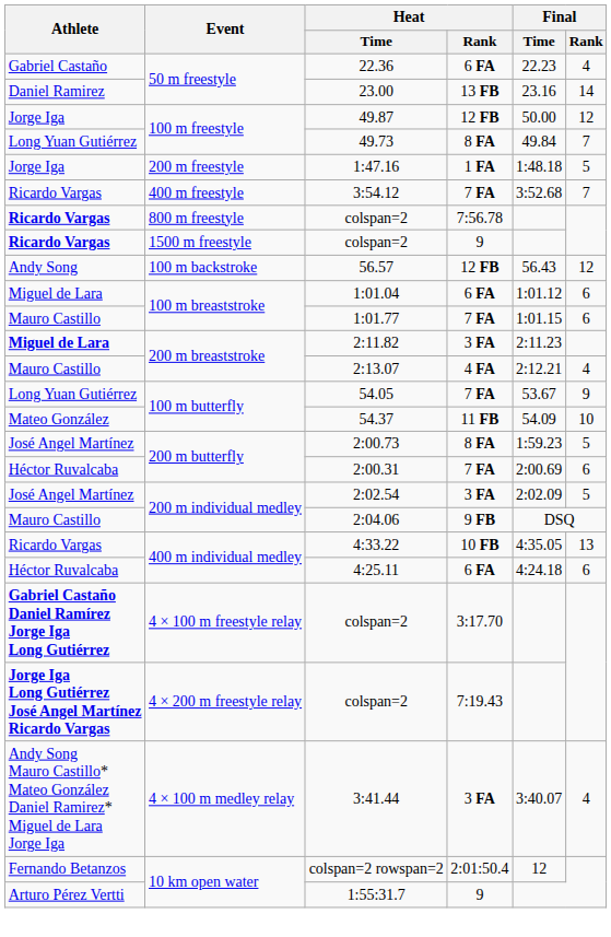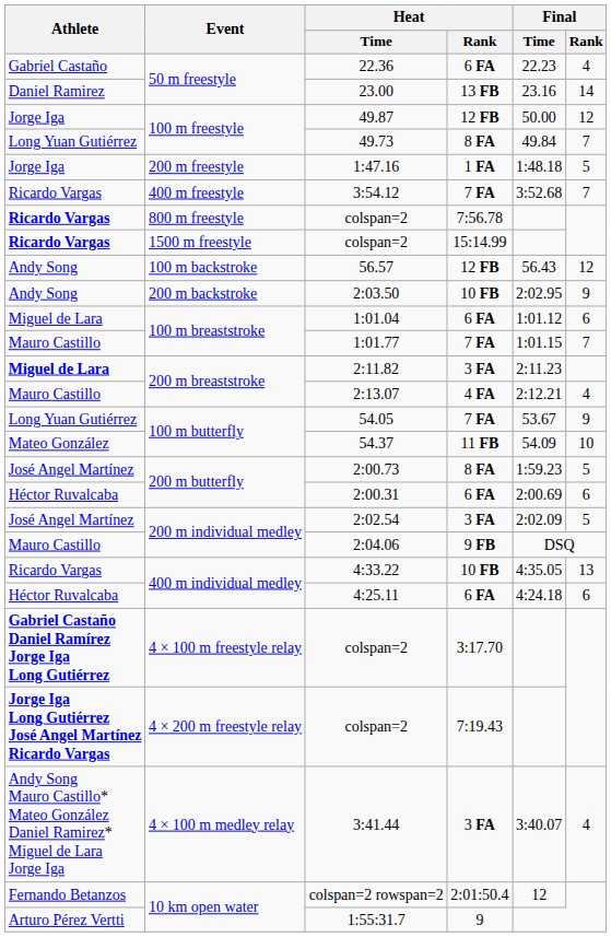 <table class=wikitable style=font-size:90%;text-align:center>
 <tr>
 <th rowspan=2>Athlete</th>
 <th rowspan=2>Event</th>
 <th colspan=2>Heat</th>
 <th colspan=2>Final</th>
 </tr>
 <tr style=font-size:95%>
 <th>Time</th>
 <th>Rank</th>
 <th>Time</th>
 <th>Rank</th>
 </tr>
 <tr>
 <td align=left><a href='#'>Gabriel Castaño</a></td>
 <td align=left rowspan=2><a href='#'>50 m freestyle</a></td>
 <td>22.36</td>
 <td>6 <strong>FA</strong></td>
 <td>22.23</td>
 <td>4</td>
 </tr>
 <tr>
 <td align=left><a href='#'>Daniel Ramirez</a></td>
 <td>23.00</td>
 <td>13 <strong>FB</strong></td>
 <td>23.16</td>
 <td>14</td>
 </tr>
 <tr>
 <td align=left><a href='#'>Jorge Iga</a></td>
 <td align=left rowspan=2><a href='#'>100 m freestyle</a></td>
 <td>49.87</td>
 <td>12 <strong>FB</strong></td>
 <td>50.00</td>
 <td>12</td>
 </tr>
 <tr>
 <td align=left><a href='#'>Long Yuan Gutiérrez</a></td>
 <td>49.73</td>
 <td>8 <strong>FA</strong></td>
 <td>49.84</td>
 <td>7</td>
 </tr>
 <tr>
 <td align=left><a href='#'>Jorge Iga</a></td>
 <td align=left><a href='#'>200 m freestyle</a></td>
 <td>1:47.16</td>
 <td>1 <strong>FA</strong></td>
 <td>1:48.18</td>
 <td>5</td>
 </tr>
 <tr>
 <td align=left><a href='#'>Ricardo Vargas</a></td>
 <td align=left><a href='#'>400 m freestyle</a></td>
 <td>3:54.12</td>
 <td>7 <strong>FA</strong></td>
 <td>3:52.68</td>
 <td>7</td>
 </tr>
 <tr>
 <td align=left><strong><a href='#'>Ricardo Vargas</a></strong></td>
 <td align=left><a href='#'>800 m freestyle</a></td>
 <td>colspan=2 </td>
 <td>7:56.78</td>
 <td></td>
 </tr>
 <tr>
 <td align=left><strong><a href='#'>Ricardo Vargas</a></strong></td>
 <td align=left><a href='#'>1500 m freestyle</a></td>
 <td>colspan=2 </td>
-<td>9</td>
+<td>15:14.99</td>
 <td></td>
 </tr>
 <tr>
 <td align=left><a href='#'>Andy Song</a></td>
 <td align=left><a href='#'>100 m backstroke</a></td>
 <td>56.57</td>
 <td>12 <strong>FB</strong></td>
 <td>56.43</td>
 <td>12</td>
+</tr>
+<tr>
+<td align=left><a href='#'>Andy Song</a></td>
+<td align=left><a href='#'>200 m backstroke</a></td>
+<td>2:03.50</td>
+<td>10 <strong>FB</strong></td>
+<td>2:02.95</td>
+<td>9</td>
 </tr>
 <tr>
 <td align=left><a href='#'>Miguel de Lara</a></td>
 <td align=left rowspan=2><a href='#'>100 m breaststroke</a></td>
 <td>1:01.04</td>
 <td>6 <strong>FA</strong></td>
 <td>1:01.12</td>
 <td>6</td>
 </tr>
 <tr>
 <td align=left><a href='#'>Mauro Castillo</a></td>
 <td>1:01.77</td>
 <td>7 <strong>FA</strong></td>
 <td>1:01.15</td>
-<td>6</td>
+<td>7</td>
 </tr>
 <tr>
 <td align=left><strong><a href='#'>Miguel de Lara</a></strong></td>
 <td align=left rowspan=2><a href='#'>200 m breaststroke</a></td>
 <td>2:11.82</td>
 <td>3 <strong>FA</strong></td>
 <td>2:11.23</td>
 <td></td>
 </tr>
 <tr>
 <td align=left><a href='#'>Mauro Castillo</a></td>
 <td>2:13.07</td>
 <td>4 <strong>FA</strong></td>
 <td>2:12.21</td>
 <td>4</td>
 </tr>
 <tr>
 <td align=left><a href='#'>Long Yuan Gutiérrez</a></td>
 <td align=left rowspan=2><a href='#'>100 m butterfly</a></td>
 <td>54.05</td>
 <td>7 <strong>FA</strong></td>
 <td>53.67</td>
 <td>9</td>
 </tr>
 <tr>
 <td align=left><a href='#'>Mateo González</a></td>
 <td>54.37</td>
 <td>11 <strong>FB</strong></td>
 <td>54.09</td>
 <td>10</td>
 </tr>
 <tr>
 <td align=left><a href='#'>José Angel Martínez</a></td>
 <td align=left rowspan=2><a href='#'>200 m butterfly</a></td>
 <td>2:00.73</td>
 <td>8 <strong>FA</strong></td>
 <td>1:59.23</td>
 <td>5</td>
 </tr>
 <tr>
 <td align=left><a href='#'>Héctor Ruvalcaba</a></td>
 <td>2:00.31</td>
-<td>7 <strong>FA</strong></td>
+<td>6 <strong>FA</strong></td>
 <td>2:00.69</td>
 <td>6</td>
 </tr>
 <tr>
 <td align=left><a href='#'>José Angel Martínez</a></td>
 <td align=left rowspan=2><a href='#'>200 m individual medley</a></td>
 <td>2:02.54</td>
 <td>3 <strong>FA</strong></td>
 <td>2:02.09</td>
 <td>5</td>
 </tr>
 <tr>
 <td align=left><a href='#'>Mauro Castillo</a></td>
 <td>2:04.06</td>
 <td>9 <strong>FB</strong></td>
 <td colspan=2>DSQ</td>
 </tr>
 <tr>
 <td align=left><a href='#'>Ricardo Vargas</a></td>
 <td align=left rowspan=2><a href='#'>400 m individual medley</a></td>
 <td>4:33.22</td>
 <td>10 <strong>FB</strong></td>
 <td>4:35.05</td>
 <td>13</td>
 </tr>
 <tr>
 <td align=left><a href='#'>Héctor Ruvalcaba</a></td>
 <td>4:25.11</td>
 <td>6 <strong>FA</strong></td>
 <td>4:24.18</td>
 <td>6</td>
 </tr>
 <tr>
 <td align=left><strong><a href='#'>Gabriel Castaño</a><br><a href='#'>Daniel Ramírez</a><br><a href='#'>Jorge Iga</a><br><a href='#'>Long Gutiérrez</a></strong></td>
 <td align=left><a href='#'>4 × 100 m freestyle relay</a></td>
 <td>colspan=2 </td>
 <td>3:17.70</td>
 <td></td>
 </tr>
 <tr>
 <td align=left><strong><a href='#'>Jorge Iga</a><br><a href='#'>Long Gutiérrez</a><br><a href='#'>José Angel Martínez</a><br><a href='#'>Ricardo Vargas</a></strong></td>
 <td align=left><a href='#'>4 × 200 m freestyle relay</a></td>
 <td>colspan=2 </td>
 <td>7:19.43</td>
 <td></td>
 </tr>
 <tr>
 <td align=left><a href='#'>Andy Song</a><br><a href='#'>Mauro Castillo</a>*<br><a href='#'>Mateo González</a><br><a href='#'>Daniel Ramirez</a>*<br><a href='#'>Miguel de Lara</a><br><a href='#'>Jorge Iga</a></td>
 <td align=left><a href='#'>4 × 100 m medley relay</a></td>
 <td>3:41.44</td>
 <td>3 <strong>FA</strong></td>
 <td>3:40.07</td>
 <td>4</td>
 </tr>
 <tr>
 <td align=left><a href='#'>Fernando Betanzos</a></td>
 <td align=left rowspan=2><a href='#'>10 km open water</a></td>
 <td>colspan=2 rowspan=2 </td>
 <td>2:01:50.4</td>
 <td>12</td>
 </tr>
 <tr>
 <td align=left><a href='#'>Arturo Pérez Vertti</a></td>
 <td>1:55:31.7</td>
 <td>9</td>
 </tr>
 </table>
